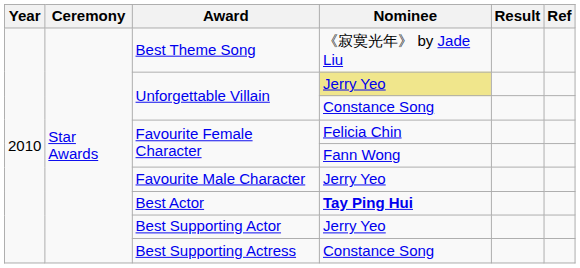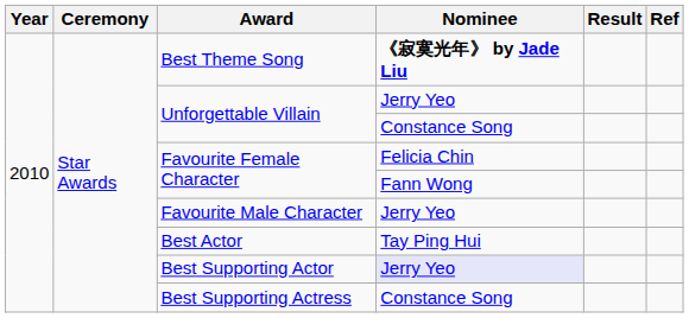 <table class="wikitable">
 <tr>
 <th>Year</th>
 <th>Ceremony</th>
 <th>Award</th>
 <th>Nominee</th>
 <th>Result</th>
 <th>Ref</th>
 </tr>
 <tr>
 <td rowspan="9">2010</td>
 <td rowspan="9"><a href='#'>Star Awards</a></td>
 <td><a href='#'>Best Theme Song</a></td>
-<td>《寂寞光年》 by <a href='#'>Jade Liu</a></td>
+<td><strong>《寂寞光年》 by <a href='#'>Jade Liu</a></strong></td>
 <td></td>
 <td></td>
 </tr>
 <tr>
 <td rowspan="2"><a href='#'>Unforgettable Villain</a></td>
-<td style="background: khaki;"><a href='#'>Jerry Yeo</a></td>
+<td><a href='#'>Jerry Yeo</a></td>
 <td></td>
 <td></td>
 </tr>
 <tr>
 <td><a href='#'>Constance Song</a></td>
 <td></td>
 <td></td>
 </tr>
 <tr>
 <td rowspan="2"><a href='#'>Favourite Female Character</a></td>
 <td><a href='#'>Felicia Chin</a></td>
 <td></td>
 <td></td>
 </tr>
 <tr>
 <td><a href='#'>Fann Wong</a></td>
 <td></td>
 <td></td>
 </tr>
 <tr>
 <td><a href='#'>Favourite Male Character</a></td>
 <td><a href='#'>Jerry Yeo</a></td>
 <td></td>
 <td></td>
 </tr>
 <tr>
 <td><a href='#'>Best Actor</a></td>
-<td><strong><a href='#'>Tay Ping Hui</a></strong></td>
+<td><a href='#'>Tay Ping Hui</a></td>
 <td></td>
 <td></td>
 </tr>
 <tr>
 <td><a href='#'>Best Supporting Actor</a></td>
-<td><a href='#'>Jerry Yeo</a></td>
+<td style="background: lavender;"><a href='#'>Jerry Yeo</a></td>
 <td></td>
 <td></td>
 </tr>
 <tr>
 <td><a href='#'>Best Supporting Actress</a></td>
 <td><a href='#'>Constance Song</a></td>
 <td></td>
 <td></td>
 </tr>
 </table>
